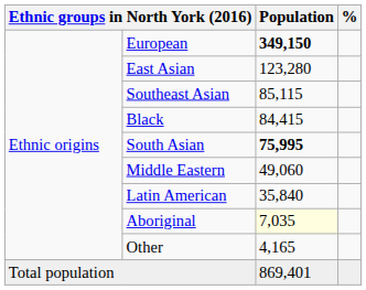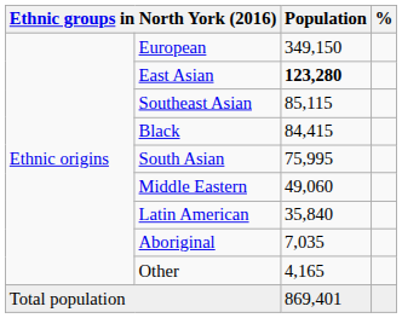 <table class="wikitable">
 <tr>
 <th colspan=2><a href='#'>Ethnic groups</a> in North York (2016)<br></th>
 <th>Population</th>
 <th>%</th>
 </tr>
 <tr>
 <td rowspan=9><a href='#'>Ethnic origins</a></td>
 <td><a href='#'>European</a></td>
-<td><strong>349,150</strong></td>
+<td>349,150</td>
 <td></td>
 </tr>
 <tr>
 <td><a href='#'>East Asian</a></td>
-<td>123,280</td>
+<td><strong>123,280</strong></td>
 <td></td>
 </tr>
 <tr>
 <td><a href='#'>Southeast Asian</a></td>
 <td>85,115</td>
 <td></td>
 </tr>
 <tr>
 <td><a href='#'>Black</a></td>
 <td>84,415</td>
 <td></td>
 </tr>
 <tr>
 <td><a href='#'>South Asian</a></td>
-<td><strong>75,995</strong></td>
+<td>75,995</td>
 <td></td>
 </tr>
 <tr>
 <td><a href='#'>Middle Eastern</a></td>
 <td>49,060</td>
 <td></td>
 </tr>
 <tr>
 <td><a href='#'>Latin American</a></td>
 <td>35,840</td>
 <td></td>
 </tr>
 <tr>
 <td><a href='#'>Aboriginal</a></td>
-<td style="background: lightyellow;">7,035</td>
+<td>7,035</td>
 <td></td>
 </tr>
 <tr>
 <td>Other</td>
 <td>4,165</td>
 <td></td>
 </tr>
 <tr style="background:#efefef;">
 <td colspan=2>Total population</td>
 <td>869,401</td>
 <td></td>
 </tr>
 </table>
